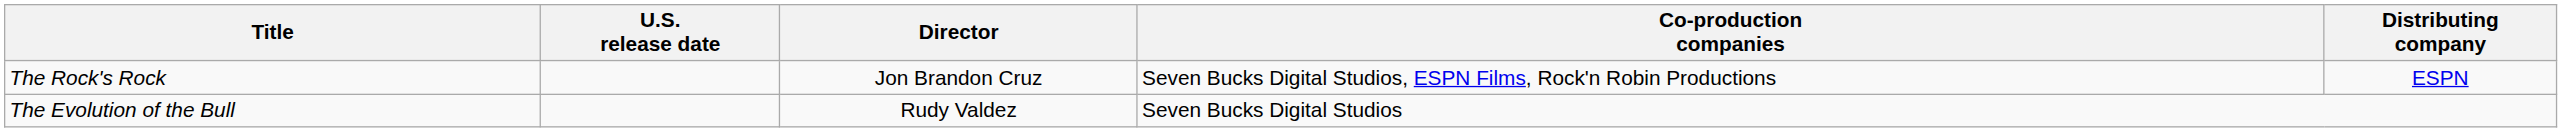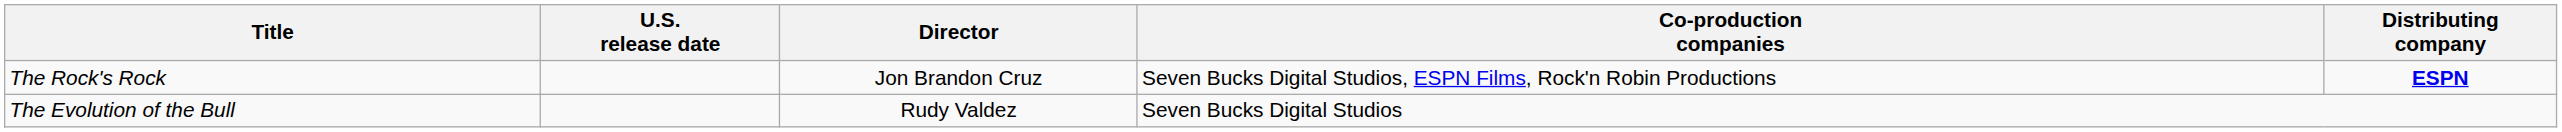 <table class="wikitable" style="text-align:center; width:99%;">
 <tr>
 <th style="width:21%;">Title</th>
 <th>U.S. <br>release date</th>
 <th style="width:14%;">Director</th>
 <th>Co-production <br>companies</th>
 <th>Distributing <br>company</th>
 </tr>
 <tr>
 <td scope="row" style="text-align:left;"><em>The Rock's Rock</em></td>
 <td></td>
 <td>Jon Brandon Cruz</td>
 <td style="text-align:left;">Seven Bucks Digital Studios, <a href='#'>ESPN Films</a>, Rock'n Robin Productions</td>
-<td><a href='#'>ESPN</a></td>
+<td><strong><a href='#'>ESPN</a></strong></td>
 </tr>
 <tr>
 <td scope="row" style="text-align:left;"><em>The Evolution of the Bull</em></td>
 <td></td>
 <td>Rudy Valdez</td>
 <td style="text-align:left;" colspan="2">Seven Bucks Digital Studios</td>
 </tr>
 </table>
